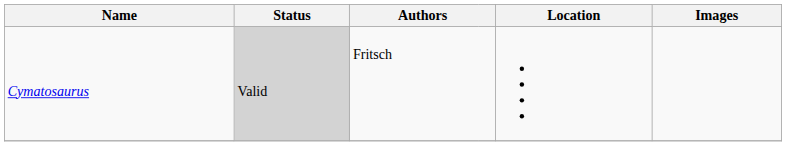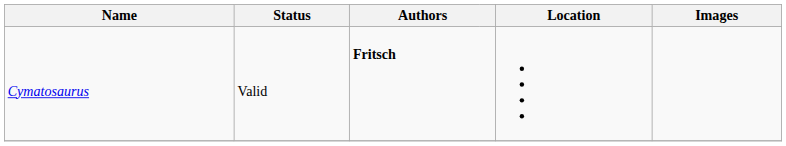 <table class="wikitable sortable" align="center" width="100%">
 <tr>
 <th>Name</th>
 <th>Status</th>
 <th colspan="2">Authors</th>
 <th>Location</th>
 <th>Images</th>
 </tr>
 <tr>
 <td><br><em><a href='#'>Cymatosaurus</a></em></td>
-<td style="background: lightgrey;"><br>Valid</td>
-<td style="border-right:0px" valign="top"><br>Fritsch</td>
+<td><br>Valid</td>
+<td style="border-right:0px" valign="top"><strong><br>Fritsch</strong></td>
 <td style="border-left:0px" valign="top"></td>
 <td><br><ul><li></li><li></li><li></li><li></li></ul></td>
 <td></td>
 </tr>
 <tr>
 </tr>
 </table>
